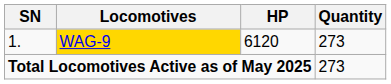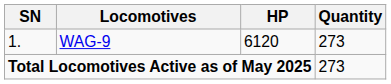 <table class="wikitable">
 <tr>
 <th>SN</th>
 <th>Locomotives</th>
 <th>HP</th>
 <th>Quantity</th>
 </tr>
 <tr>
 <td>1.</td>
-<td style="background: gold;"><a href='#'>WAG-9</a></td>
+<td><a href='#'>WAG-9</a></td>
 <td>6120</td>
 <td>273</td>
 </tr>
 <tr>
 <td colspan="3"><strong>Total Locomotives Active as of May 2025</strong></td>
 <td>273</td>
 </tr>
 </table>
